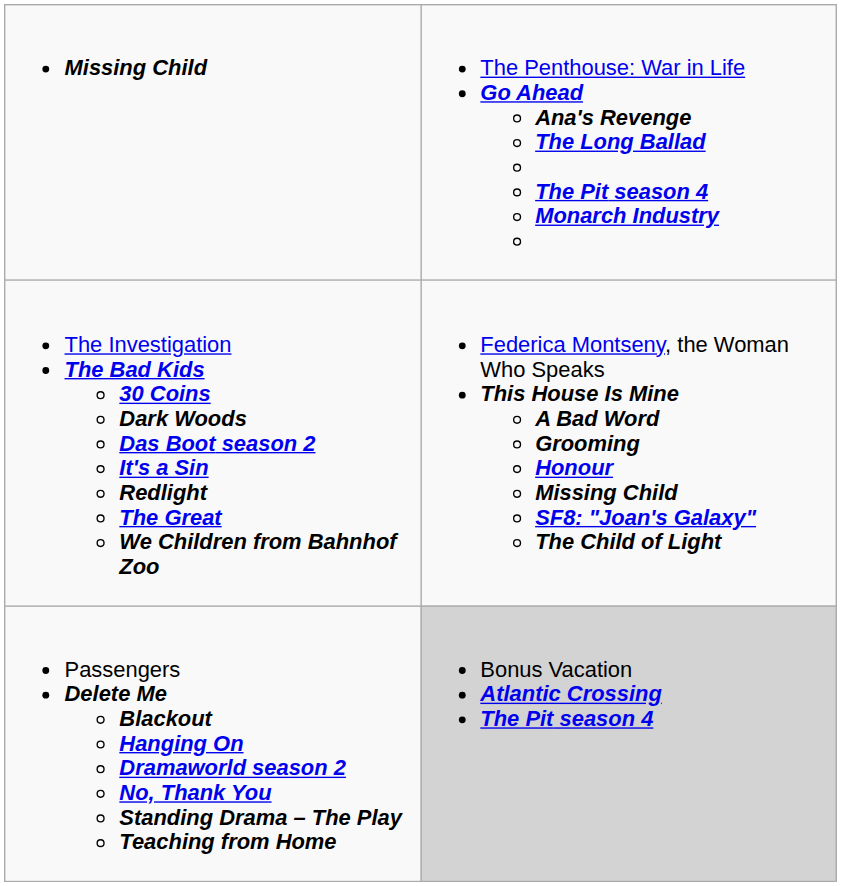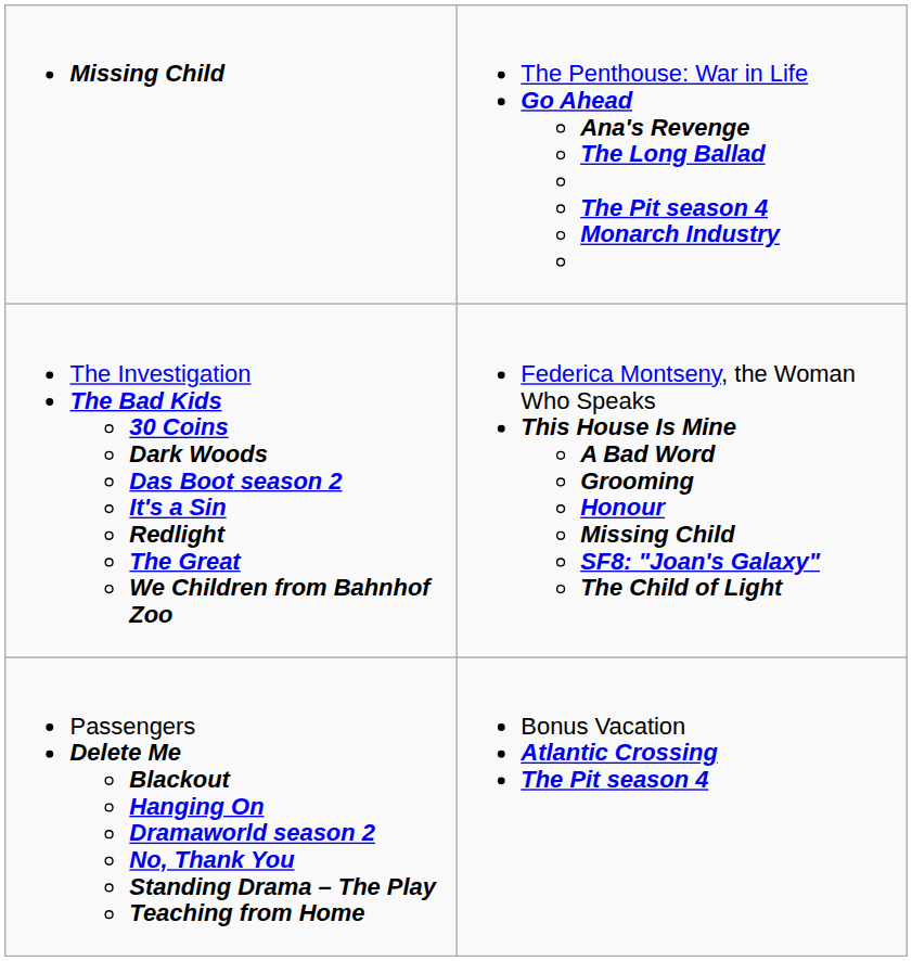 <table class="wikitable">
 <tr>
 <td style="vertical-align:top;" width="50%"><br><ul><li><strong><em>Missing Child<em> <strong></li></ul></td>
 <td style="vertical-align:top;" width="50%"><br><ul><li></em></strong><a href='#'>The Penthouse: War in Life</a></em> </strong></li><li><strong><em><a href='#'>Go Ahead</a><em> <strong><ul><li></em>Ana's Revenge<em> </li><li></em><a href='#'>The Long Ballad</a><em> </li><li></em><em> </li><li><a href='#'></em>The Pit<em> season 4</a> </li><li></em><a href='#'>Monarch Industry</a><em> </li><li></em><em> </li></ul></li></ul></td>
 </tr>
 <tr>
 <td style="vertical-align:top;" width="50%"><br><ul><li></em></strong><a href='#'>The Investigation</a></em> </strong></li><li><strong><em><a href='#'>The Bad Kids</a><em> <strong><ul><li></em><a href='#'>30 Coins</a><em> </li><li></em>Dark Woods<em> </li><li><a href='#'></em>Das Boot<em> season 2</a> </li><li></em><a href='#'>It's a Sin</a><em> </li><li></em>Redlight<em> </li><li></em><a href='#'>The Great</a><em> </li><li></em>We Children from Bahnhof Zoo<em> </li></ul></li></ul></td>
 <td style="vertical-align:top;" width="50%"><br><ul><li></em></strong><a href='#'>Federica Montseny</a>, the Woman Who Speaks</em> </strong></li><li><strong><em>This House Is Mine<em> <strong><ul><li></em>A Bad Word<em> </li><li></em>Grooming<em> </li><li></em><a href='#'>Honour</a><em> </li><li></em>Missing Child<em> </li><li><a href='#'></em>SF8<em>: "Joan's Galaxy"</a> </li><li></em>The Child of Light<em> </li></ul></li></ul></td>
 </tr>
 <tr>
 <td style="vertical-align:top;" width="50%"><br><ul><li></em></strong>Passengers</em> </strong></li><li><strong><em>Delete Me<em> <strong><ul><li></em>Blackout<em> </li><li></em><a href='#'>Hanging On</a><em> </li><li><a href='#'></em>Dramaworld<em> season 2</a> </li><li></em><a href='#'>No, Thank You</a><em> </li><li></em>Standing Drama – The Play<em> </li><li></em>Teaching from Home<em> </li></ul></li></ul></td>
-<td style="background: lightgrey; vertical-align:top;" width="50%"><br><ul><li></em></strong>Bonus Vacation</em> </strong></li><li><strong><em><a href='#'>Atlantic Crossing</a><em> <strong></li><li></strong><a href='#'></em>The Pit<em> season 4</a> <strong></li></ul></td>
+<td style="vertical-align:top;" width="50%"><br><ul><li></em></strong>Bonus Vacation</em> </strong></li><li><strong><em><a href='#'>Atlantic Crossing</a><em> <strong></li><li></strong><a href='#'></em>The Pit<em> season 4</a> <strong></li></ul></td>
 </tr>
 </table>
